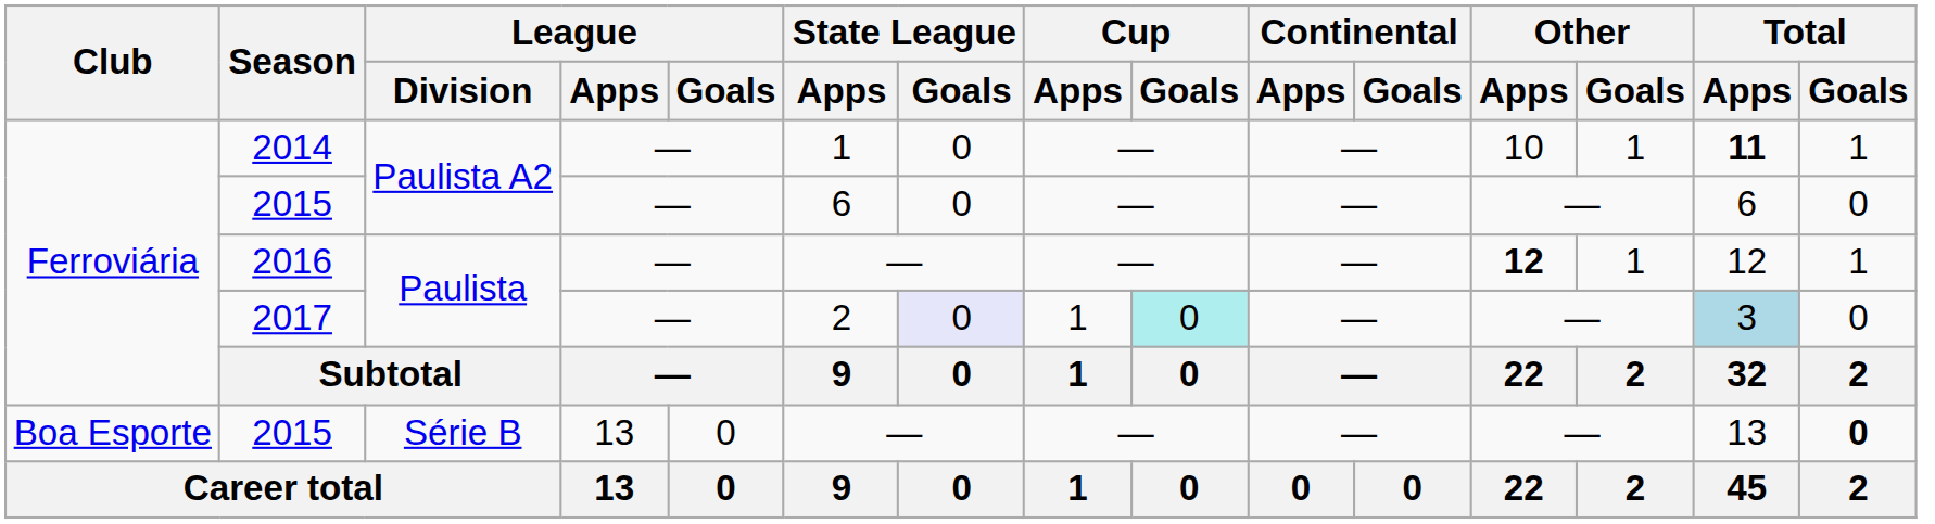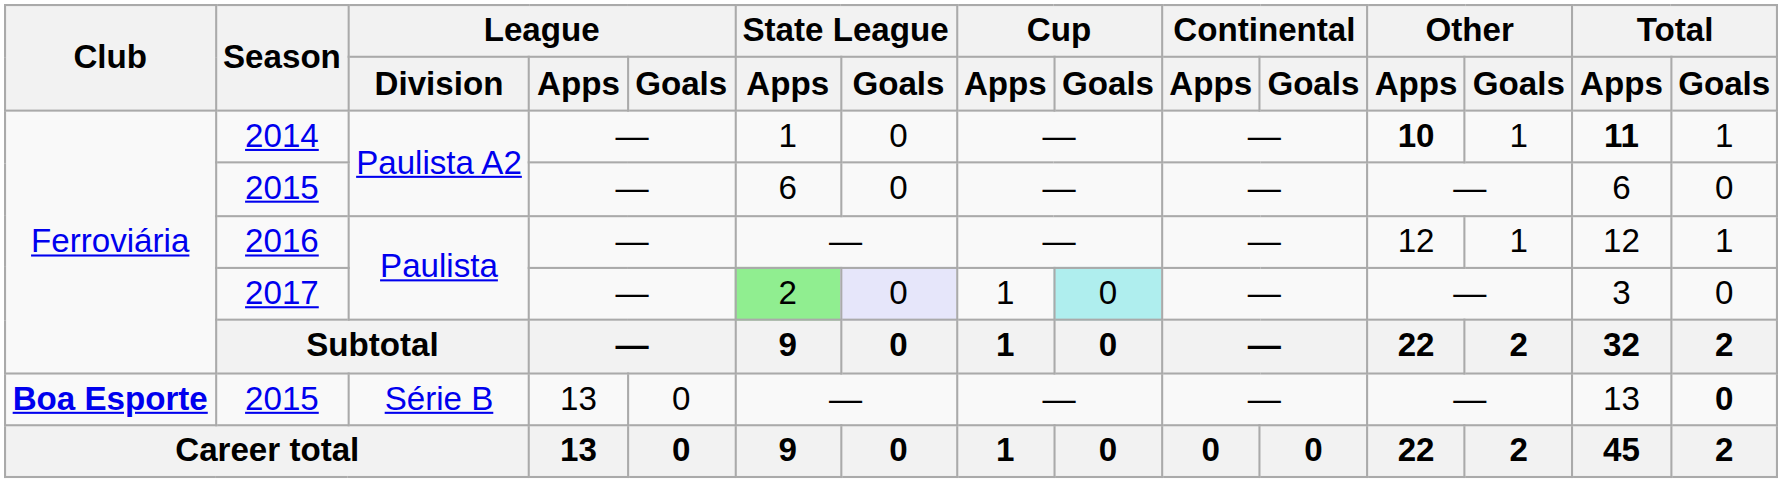 <table class="wikitable" style="text-align: center;">
 <tr>
 <th rowspan="2">Club</th>
 <th rowspan="2">Season</th>
 <th colspan="3">League</th>
 <th colspan="2">State League</th>
 <th colspan="2">Cup</th>
 <th colspan="2">Continental</th>
 <th colspan="2">Other</th>
 <th colspan="2">Total</th>
 </tr>
 <tr>
 <th>Division</th>
 <th>Apps</th>
 <th>Goals</th>
 <th>Apps</th>
 <th>Goals</th>
 <th>Apps</th>
 <th>Goals</th>
 <th>Apps</th>
 <th>Goals</th>
 <th>Apps</th>
 <th>Goals</th>
 <th>Apps</th>
 <th>Goals</th>
 </tr>
 <tr>
 <td rowspan=5 align="center"><a href='#'>Ferroviária</a></td>
 <td><a href='#'>2014</a></td>
 <td rowspan=2><a href='#'>Paulista A2</a></td>
 <td colspan="2">—</td>
 <td>1</td>
 <td>0</td>
 <td colspan="2">—</td>
 <td colspan="2">—</td>
-<td>10</td>
+<td><strong>10</strong></td>
 <td>1</td>
 <td><strong>11</strong></td>
 <td>1</td>
 </tr>
 <tr>
 <td><a href='#'>2015</a></td>
 <td colspan="2">—</td>
 <td>6</td>
 <td>0</td>
 <td colspan="2">—</td>
 <td colspan="2">—</td>
 <td colspan="2">—</td>
 <td>6</td>
 <td>0</td>
 </tr>
 <tr>
 <td><a href='#'>2016</a></td>
 <td rowspan=2><a href='#'>Paulista</a></td>
 <td colspan="2">—</td>
 <td colspan="2">—</td>
 <td colspan="2">—</td>
 <td colspan="2">—</td>
-<td><strong>12</strong></td>
+<td>12</td>
 <td>1</td>
 <td>12</td>
 <td>1</td>
 </tr>
 <tr>
 <td><a href='#'>2017</a></td>
 <td colspan="2">—</td>
-<td>2</td>
+<td style="background: lightgreen;">2</td>
 <td style="background: lavender;">0</td>
 <td>1</td>
 <td style="background: paleturquoise;">0</td>
 <td colspan="2">—</td>
 <td colspan="2">—</td>
-<td style="background: lightblue;">3</td>
+<td>3</td>
 <td>0</td>
 </tr>
 <tr>
 <th colspan="2">Subtotal</th>
 <th colspan="2">—</th>
 <th>9</th>
 <th>0</th>
 <th>1</th>
 <th>0</th>
 <th colspan="2">—</th>
 <th>22</th>
 <th>2</th>
 <th>32</th>
 <th>2</th>
 </tr>
 <tr>
-<td align="center"><a href='#'>Boa Esporte</a></td>
+<td align="center"><strong><a href='#'>Boa Esporte</a></strong></td>
 <td><a href='#'>2015</a></td>
 <td><a href='#'>Série B</a></td>
 <td>13</td>
 <td>0</td>
 <td colspan="2">—</td>
 <td colspan="2">—</td>
 <td colspan="2">—</td>
 <td colspan="2">—</td>
 <td>13</td>
 <td><strong>0</strong></td>
 </tr>
 <tr>
 <th colspan="3"><strong>Career total</strong></th>
 <th>13</th>
 <th>0</th>
 <th>9</th>
 <th>0</th>
 <th>1</th>
 <th>0</th>
 <th>0</th>
 <th>0</th>
 <th>22</th>
 <th>2</th>
 <th>45</th>
 <th>2</th>
 </tr>
 </table>
